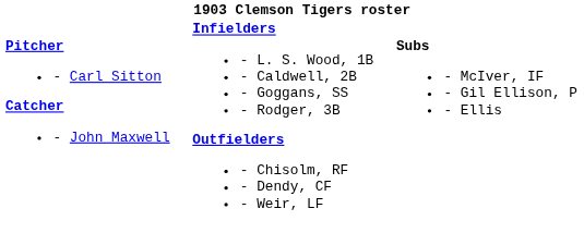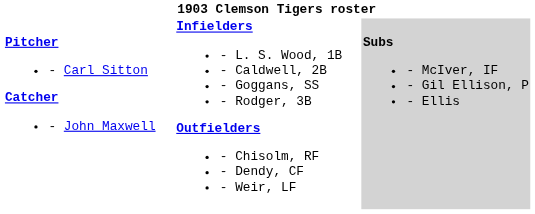 <table class="toccolours" style="border-collapse:collapse; font-size:90%;">
 <tr>
 <th colspan="9">1903 Clemson Tigers roster</th>
 </tr>
 <tr>
 <td width="03"> </td>
 <td valign="top"><br><strong><a href='#'>Pitcher</a></strong><ul><li>- <a href='#'>Carl Sitton</a></li></ul><strong><a href='#'>Catcher</a></strong><ul><li>- <a href='#'>John Maxwell</a></li></ul></td>
 <td width="15"> </td>
 <td valign="top"><strong><a href='#'>Infielders</a></strong><br><ul><li>- L. S. Wood, 1B</li><li>- Caldwell, 2B</li><li>- Goggans, SS</li><li>- Rodger, 3B</li></ul><strong><a href='#'>Outfielders</a></strong><ul><li>- Chisolm, RF</li><li>- Dendy, CF</li><li>- Weir, LF</li></ul></td>
 <td width="15"> </td>
-<td valign="top"><br><strong>Subs</strong><ul><li>- McIver, IF</li><li>- Gil Ellison, P</li><li>- Ellis</li></ul></td>
+<td valign="top" style="background: lightgrey;"><br><strong>Subs</strong><ul><li>- McIver, IF</li><li>- Gil Ellison, P</li><li>- Ellis</li></ul></td>
 <td width="25"> </td>
 </tr>
 </table>
